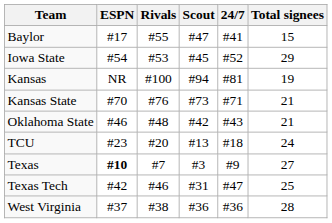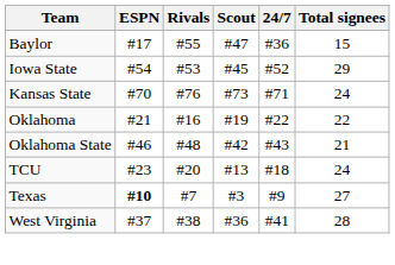 <table class="wikitable sortable">
 <tr>
 <th>Team</th>
 <th>ESPN</th>
 <th>Rivals</th>
 <th>Scout</th>
 <th>24/7</th>
 <th>Total signees</th>
 </tr>
 <tr>
 <td>Baylor</td>
 <td style="text-align:center; background:white">#17</td>
 <td style="text-align:center; background:white">#55</td>
 <td style="text-align:center; background:white">#47</td>
-<td style="text-align:center; background:white">#41</td>
+<td style="text-align:center; background:white">#36</td>
 <td style="text-align:center; background:white">15</td>
 </tr>
 <tr>
 <td>Iowa State</td>
 <td style="text-align:center; background:white">#54</td>
 <td style="text-align:center; background:white">#53</td>
 <td style="text-align:center; background:white">#45</td>
 <td style="text-align:center; background:white">#52</td>
 <td style="text-align:center; background:white">29</td>
 </tr>
 <tr>
-<td>Kansas</td>
-<td style="text-align:center; background:white">NR</td>
-<td style="text-align:center; background:white">#100</td>
-<td style="text-align:center; background:white">#94</td>
-<td style="text-align:center; background:white">#81</td>
-<td style="text-align:center; background:white">19</td>
-</tr>
-<tr>
 <td>Kansas State</td>
 <td style="text-align:center; background:white">#70</td>
 <td style="text-align:center; background:white">#76</td>
 <td style="text-align:center; background:white">#73</td>
 <td style="text-align:center; background:white">#71</td>
-<td style="text-align:center; background:white">21</td>
+<td style="text-align:center; background:white">24</td>
+</tr>
+<tr>
+<td>Oklahoma</td>
+<td style="text-align:center; background:white">#21</td>
+<td style="text-align:center; background:white">#16</td>
+<td style="text-align:center; background:white">#19</td>
+<td style="text-align:center; background:white">#22</td>
+<td style="text-align:center; background:white">22</td>
 </tr>
 <tr>
 <td>Oklahoma State</td>
 <td style="text-align:center; background:white">#46</td>
 <td style="text-align:center; background:white">#48</td>
 <td style="text-align:center; background:white">#42</td>
 <td style="text-align:center; background:white">#43</td>
 <td style="text-align:center; background:white">21</td>
 </tr>
 <tr>
 <td>TCU</td>
 <td style="text-align:center; background:white">#23</td>
 <td style="text-align:center; background:white">#20</td>
 <td style="text-align:center; background:white">#13</td>
 <td style="text-align:center; background:white">#18</td>
 <td style="text-align:center; background:white">24</td>
 </tr>
 <tr>
 <td>Texas</td>
 <td style="text-align:center; background:white"><strong>#10</strong></td>
 <td style="text-align:center; background:white">#7</td>
 <td style="text-align:center; background:white">#3</td>
 <td style="text-align:center; background:white">#9</td>
 <td style="text-align:center; background:white">27</td>
 </tr>
 <tr>
-<td>Texas Tech</td>
-<td style="text-align:center; background:white">#42</td>
-<td style="text-align:center; background:white">#46</td>
-<td style="text-align:center; background:white">#31</td>
-<td style="text-align:center; background:white">#47</td>
-<td style="text-align:center; background:white">25</td>
-</tr>
-<tr>
 <td>West Virginia</td>
 <td style="text-align:center; background:white">#37</td>
 <td style="text-align:center; background:white">#38</td>
 <td style="text-align:center; background:white">#36</td>
-<td style="text-align:center; background:white">#36</td>
+<td style="text-align:center; background:white">#41</td>
 <td style="text-align:center; background:white">28</td>
 </tr>
 </table>
